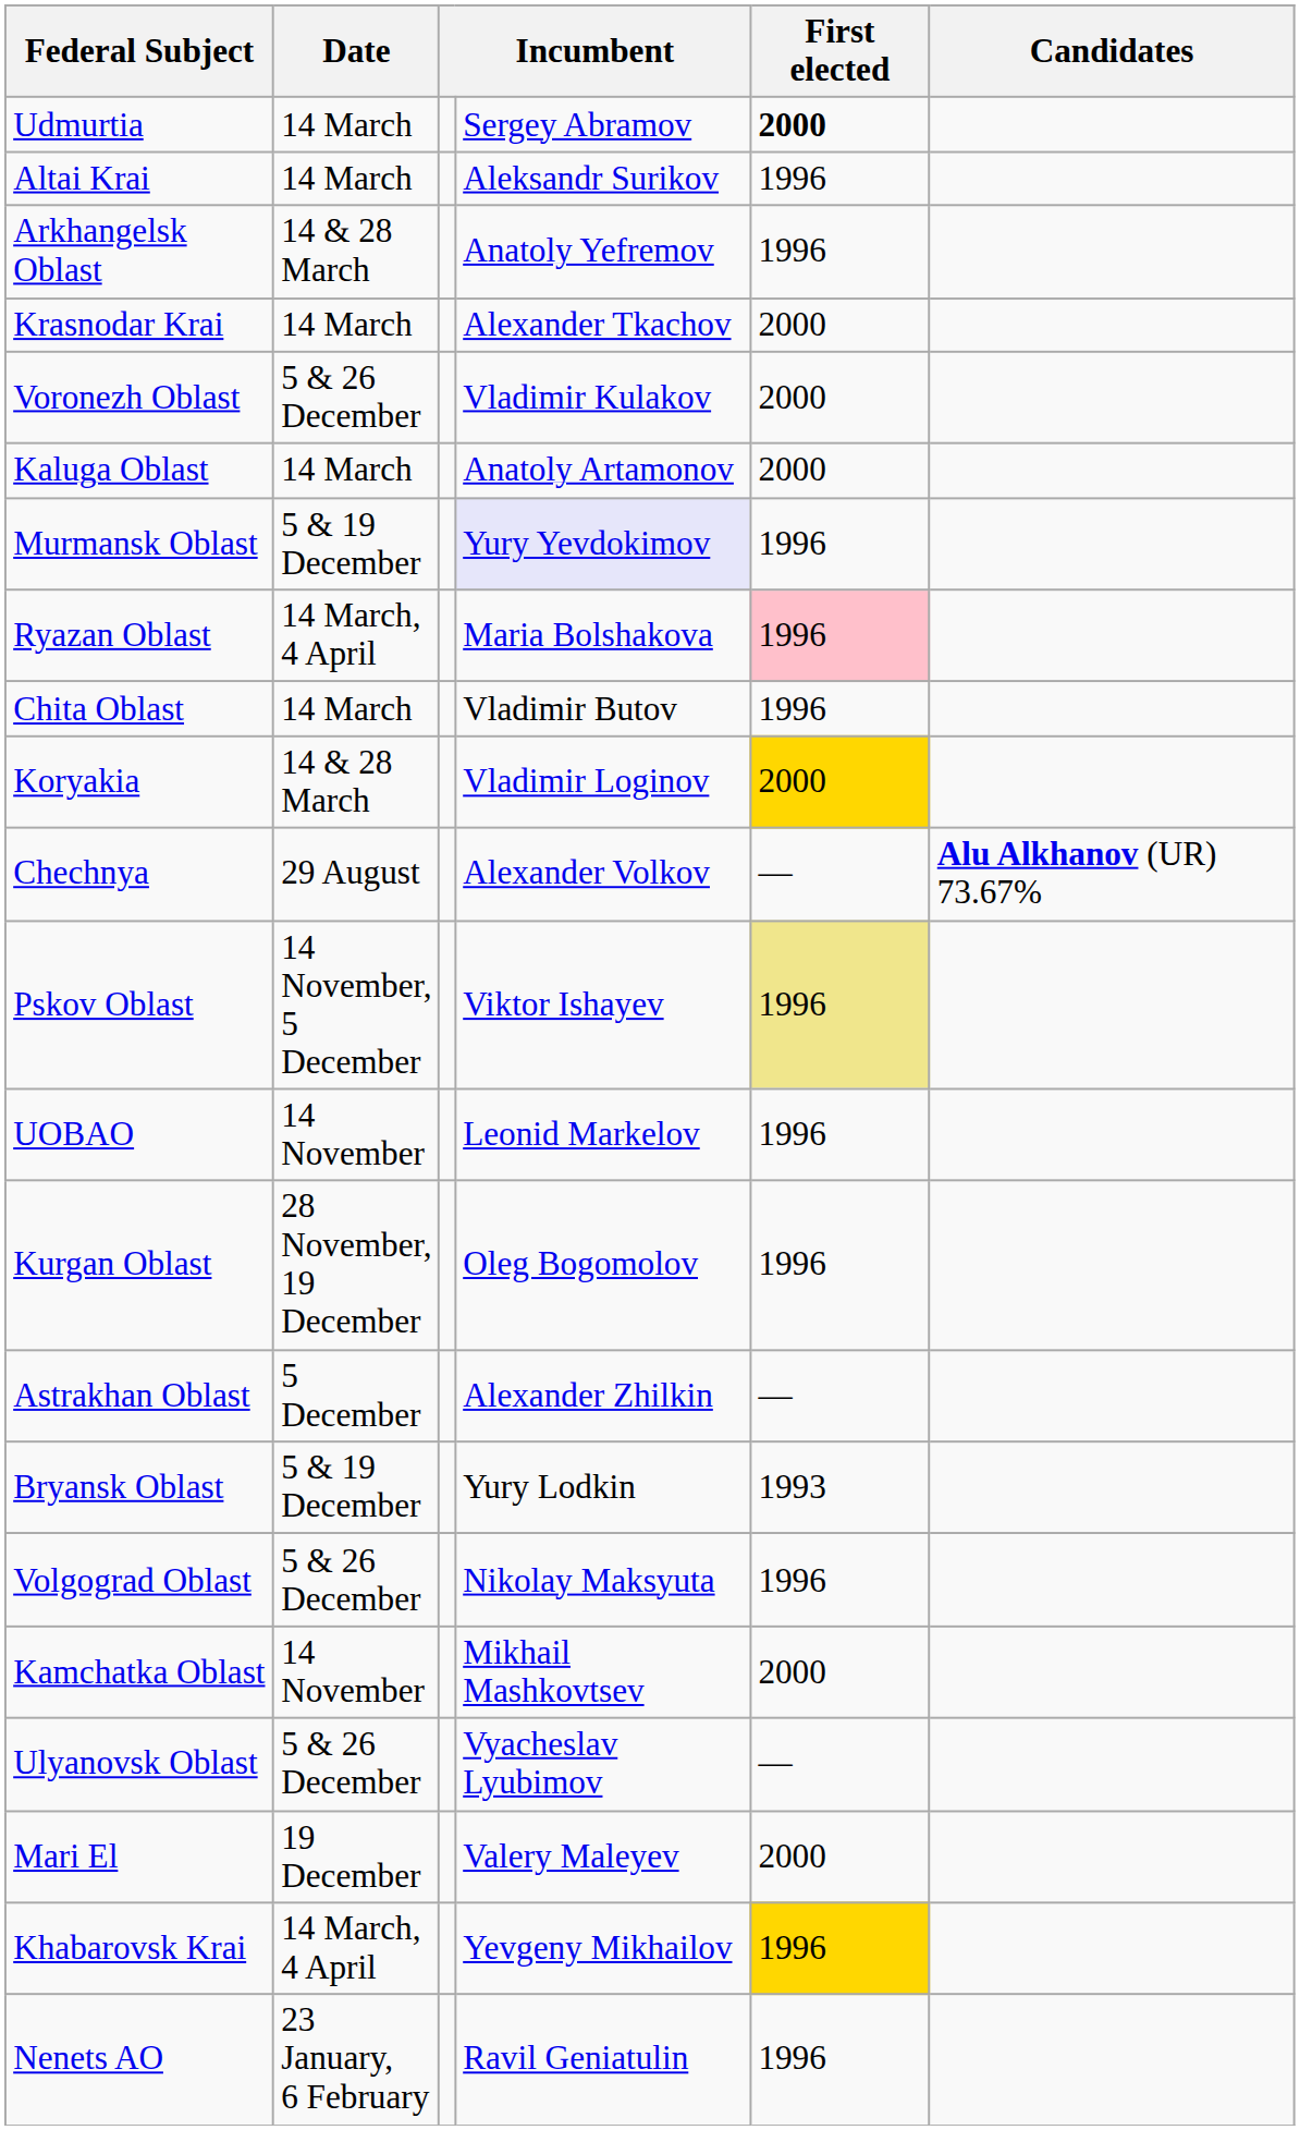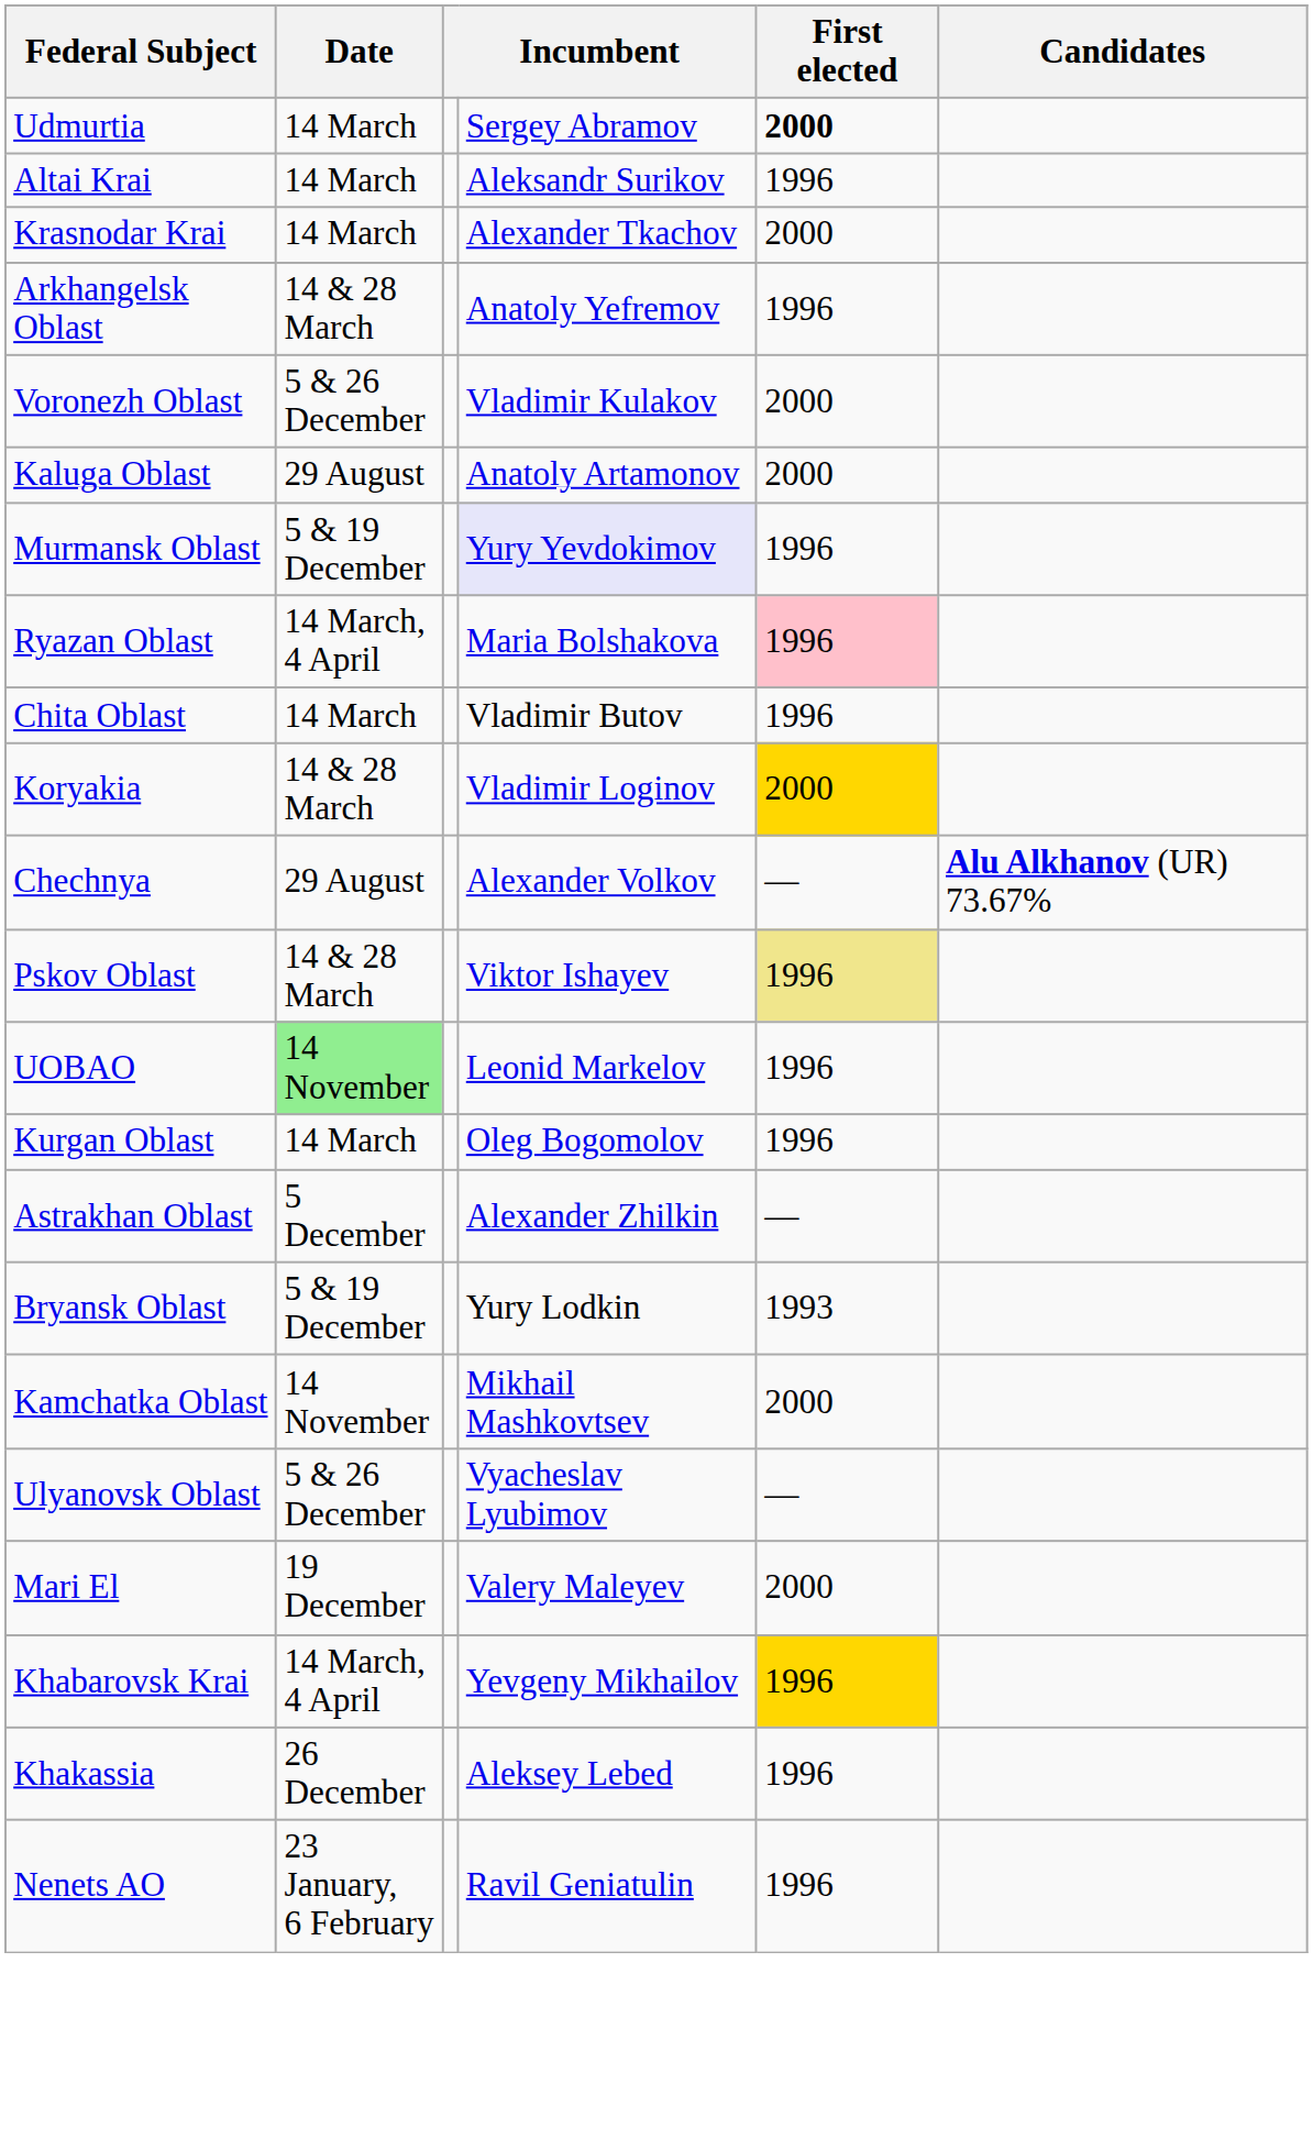 <table class="wikitable sortable">
 <tr>
 <th>Federal Subject</th>
 <th style="width: 70px">Date</th>
 <th colspan = 2>Incumbent</th>
 <th>First elected</th>
 <th>Candidates</th>
 </tr>
 <tr>
 <td><a href='#'>Udmurtia</a></td>
 <td>14 March</td>
 <td style="background:"></td>
 <td><a href='#'>Sergey Abramov</a></td>
 <td><strong>2000</strong></td>
 <td></td>
 </tr>
 <tr>
 <td><a href='#'>Altai Krai</a></td>
 <td>14 March</td>
 <td style="background:"></td>
 <td><a href='#'>Aleksandr Surikov</a></td>
 <td>1996</td>
 <td></td>
 </tr>
 <tr>
+<td><a href='#'>Krasnodar Krai</a></td>
+<td>14 March</td>
+<td style="background:"></td>
+<td><a href='#'>Alexander Tkachov</a></td>
+<td>2000</td>
+<td></td>
+</tr>
+<tr>
 <td><a href='#'>Arkhangelsk Oblast</a></td>
 <td>14 & 28 March</td>
 <td style="background:"></td>
 <td><a href='#'>Anatoly Yefremov</a></td>
 <td>1996</td>
-<td></td>
-</tr>
-<tr>
-<td><a href='#'>Krasnodar Krai</a></td>
-<td>14 March</td>
-<td style="background:"></td>
-<td><a href='#'>Alexander Tkachov</a></td>
-<td>2000</td>
 <td></td>
 </tr>
 <tr>
 <td><a href='#'>Voronezh Oblast</a></td>
 <td>5 & 26 December</td>
 <td style="background:"></td>
 <td><a href='#'>Vladimir Kulakov</a></td>
 <td>2000</td>
 <td></td>
 </tr>
 <tr>
 <td><a href='#'>Kaluga Oblast</a></td>
-<td>14 March</td>
+<td>29 August</td>
 <td style="background:"></td>
 <td><a href='#'>Anatoly Artamonov</a></td>
 <td>2000</td>
 <td></td>
 </tr>
 <tr>
 <td><a href='#'>Murmansk Oblast</a></td>
 <td>5 & 19 December</td>
 <td style="background:"></td>
 <td style="background: lavender;"><a href='#'>Yury Yevdokimov</a></td>
 <td>1996</td>
 <td></td>
 </tr>
 <tr>
 <td><a href='#'>Ryazan Oblast</a></td>
 <td>14 March,<br>4 April</td>
 <td style="background:"></td>
 <td><a href='#'>Maria Bolshakova</a></td>
 <td style="background: pink;">1996</td>
 <td></td>
 </tr>
 <tr>
 <td><a href='#'>Chita Oblast</a></td>
 <td>14 March</td>
 <td style="background:"></td>
 <td>Vladimir Butov</td>
 <td>1996</td>
 <td></td>
 </tr>
 <tr>
 <td><a href='#'>Koryakia</a></td>
 <td>14 & 28 March</td>
 <td style="background:"></td>
 <td><a href='#'>Vladimir Loginov</a></td>
 <td style="background: gold;">2000</td>
 <td></td>
 </tr>
 <tr>
 <td><a href='#'>Chechnya</a></td>
 <td>29 August</td>
 <td style="background:"></td>
 <td><a href='#'>Alexander Volkov</a></td>
 <td>—</td>
 <td> <strong><a href='#'>Alu Alkhanov</a></strong> (UR) 73.67%</td>
 </tr>
 <tr>
 <td><a href='#'>Pskov Oblast</a></td>
-<td>14 November,<br>5 December</td>
+<td>14 & 28 March</td>
 <td style="background:"></td>
 <td><a href='#'>Viktor Ishayev</a></td>
 <td style="background: khaki;">1996</td>
 <td></td>
 </tr>
 <tr>
 <td><a href='#'>UOBAO</a></td>
-<td>14 November</td>
+<td style="background: lightgreen;">14 November</td>
 <td style="background:"></td>
 <td><a href='#'>Leonid Markelov</a></td>
 <td>1996</td>
 <td></td>
 </tr>
 <tr>
 <td><a href='#'>Kurgan Oblast</a></td>
-<td>28 November,<br>19 December</td>
+<td>14 March</td>
 <td style="background:"></td>
 <td><a href='#'>Oleg Bogomolov</a></td>
 <td>1996</td>
 <td></td>
 </tr>
 <tr>
 <td><a href='#'>Astrakhan Oblast</a></td>
 <td>5 December</td>
 <td style="background:"></td>
 <td><a href='#'>Alexander Zhilkin</a></td>
 <td>—</td>
 <td></td>
 </tr>
 <tr>
 <td><a href='#'>Bryansk Oblast</a></td>
 <td>5 & 19 December</td>
 <td style="background:"></td>
 <td>Yury Lodkin</td>
 <td>1993</td>
-<td></td>
-</tr>
-<tr>
-<td><a href='#'>Volgograd Oblast</a></td>
-<td>5 & 26 December</td>
-<td style="background:"></td>
-<td><a href='#'>Nikolay Maksyuta</a></td>
-<td>1996</td>
 <td></td>
 </tr>
 <tr>
 <td><a href='#'>Kamchatka Oblast</a></td>
 <td>14 November</td>
 <td style="background:"></td>
 <td><a href='#'>Mikhail Mashkovtsev</a></td>
 <td>2000</td>
 <td></td>
 </tr>
 <tr>
 <td><a href='#'>Ulyanovsk Oblast</a></td>
 <td>5 & 26 December</td>
 <td style="background:"></td>
 <td><a href='#'>Vyacheslav Lyubimov</a></td>
 <td>—</td>
 <td></td>
 </tr>
 <tr>
 <td><a href='#'>Mari El</a></td>
 <td>19 December</td>
 <td style="background:"></td>
 <td><a href='#'>Valery Maleyev</a></td>
 <td>2000</td>
 <td></td>
 </tr>
 <tr>
 <td><a href='#'>Khabarovsk Krai</a></td>
 <td>14 March,<br>4 April</td>
 <td style="background:"></td>
 <td><a href='#'>Yevgeny Mikhailov</a></td>
 <td style="background: gold;">1996</td>
 <td></td>
 </tr>
 <tr>
+<td><a href='#'>Khakassia</a></td>
+<td>26 December</td>
+<td style="background:"></td>
+<td><a href='#'>Aleksey Lebed</a></td>
+<td>1996</td>
+<td></td>
+</tr>
+<tr>
 <td><a href='#'>Nenets AO</a></td>
 <td>23 January,<br>6 February</td>
 <td style="background:"></td>
 <td><a href='#'>Ravil Geniatulin</a></td>
 <td>1996</td>
 <td></td>
 </tr>
 </table>
